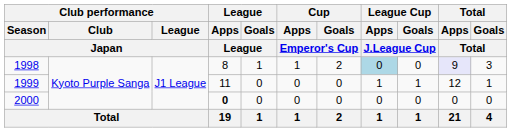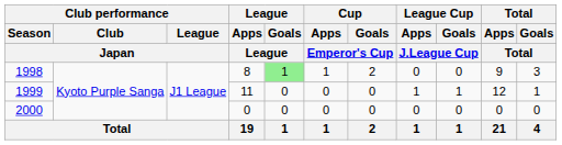 <table class="wikitable" style="text-align:center;">
 <tr>
 <th colspan=3>Club performance</th>
 <th colspan=2>League</th>
 <th colspan=2>Cup</th>
 <th colspan=2>League Cup</th>
 <th colspan=2>Total</th>
 </tr>
 <tr>
 <th>Season</th>
 <th>Club</th>
 <th>League</th>
 <th>Apps</th>
 <th>Goals</th>
 <th>Apps</th>
 <th>Goals</th>
 <th>Apps</th>
 <th>Goals</th>
 <th>Apps</th>
 <th>Goals</th>
 </tr>
 <tr>
 <th colspan=3>Japan</th>
 <th colspan=2>League</th>
 <th colspan=2><a href='#'>Emperor's Cup</a></th>
 <th colspan=2><a href='#'>J.League Cup</a></th>
 <th colspan=2>Total</th>
 </tr>
 <tr>
 <td><a href='#'>1998</a></td>
 <td rowspan="3"><a href='#'>Kyoto Purple Sanga</a></td>
 <td rowspan="3"><a href='#'>J1 League</a></td>
 <td>8</td>
-<td>1</td>
+<td style="background: lightgreen;">1</td>
 <td>1</td>
 <td>2</td>
-<td style="background: lightblue;">0</td>
 <td>0</td>
-<td style="background: lavender;">9</td>
+<td>0</td>
+<td>9</td>
 <td>3</td>
 </tr>
 <tr>
 <td><a href='#'>1999</a></td>
 <td>11</td>
 <td>0</td>
 <td>0</td>
 <td>0</td>
 <td>1</td>
 <td>1</td>
 <td>12</td>
 <td>1</td>
 </tr>
 <tr>
 <td><a href='#'>2000</a></td>
-<td><strong>0</strong></td>
+<td>0</td>
 <td>0</td>
 <td>0</td>
 <td>0</td>
 <td>0</td>
 <td>0</td>
 <td>0</td>
 <td>0</td>
 </tr>
 <tr>
 <th colspan=3>Total</th>
 <th>19</th>
 <th>1</th>
 <th>1</th>
 <th>2</th>
 <th>1</th>
 <th>1</th>
 <th>21</th>
 <th>4</th>
 </tr>
 </table>
